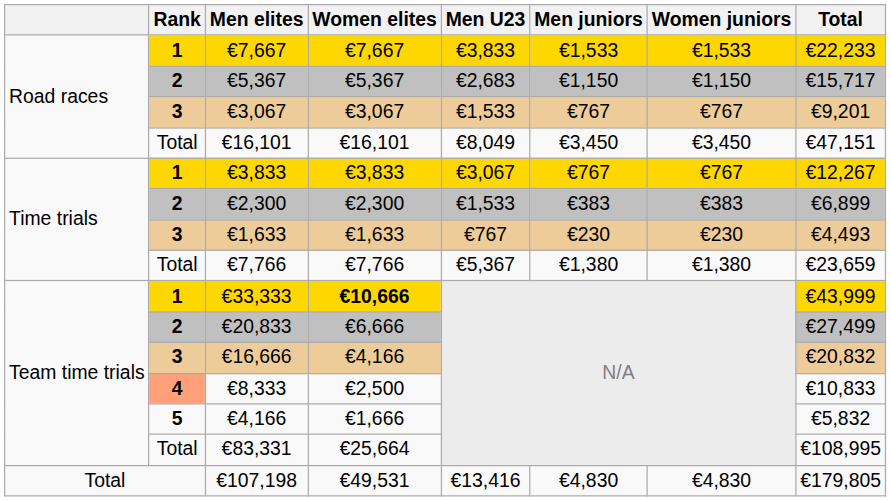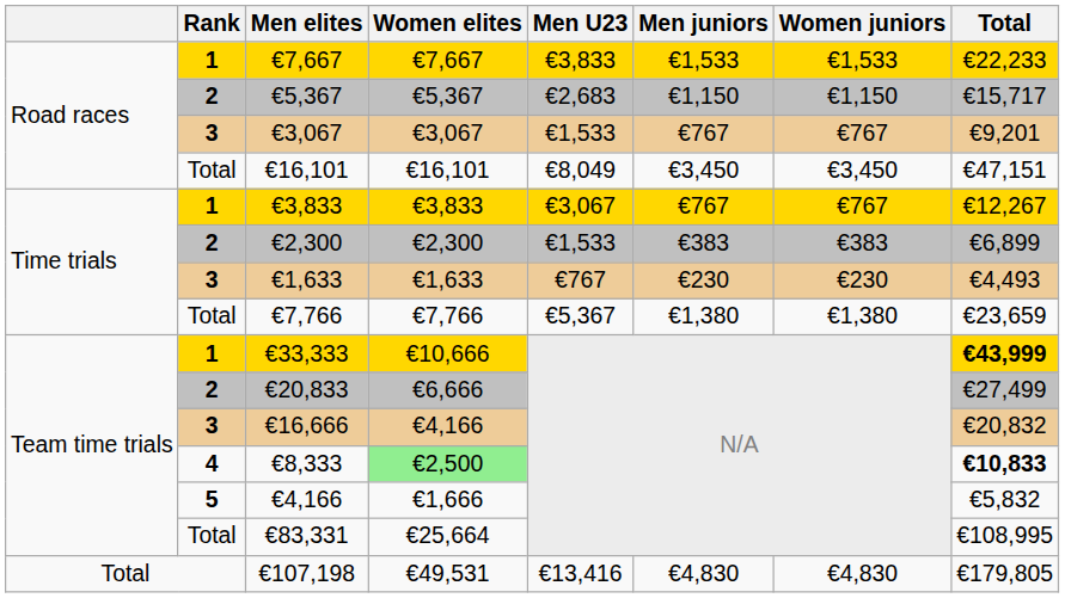 <table class="wikitable">
 <tr>
 <th></th>
 <th>Rank</th>
 <th>Men elites</th>
 <th>Women elites</th>
 <th>Men U23</th>
 <th>Men juniors</th>
 <th>Women juniors</th>
 <th>Total</th>
 </tr>
 <tr>
 <td rowspan=4>Road races</td>
 <td align="center" bgcolor="gold"><strong>1</strong></td>
 <td align="center" bgcolor="gold">€7,667</td>
 <td align="center" bgcolor="gold">€7,667</td>
 <td align="center" bgcolor="gold">€3,833</td>
 <td align="center" bgcolor="gold">€1,533</td>
 <td align="center" bgcolor="gold">€1,533</td>
 <td align="center" bgcolor="gold">€22,233</td>
 </tr>
 <tr>
 <td align="center" bgcolor="silver"><strong>2</strong></td>
 <td align="center" bgcolor="silver">€5,367</td>
 <td align="center" bgcolor="silver">€5,367</td>
 <td align="center" bgcolor="silver">€2,683</td>
 <td align="center" bgcolor="silver">€1,150</td>
 <td align="center" bgcolor="silver">€1,150</td>
 <td align="center" bgcolor="silver">€15,717</td>
 </tr>
 <tr>
 <td align="center" bgcolor="eecc99"><strong>3</strong></td>
 <td align="center" bgcolor="eecc99">€3,067</td>
 <td align="center" bgcolor="eecc99">€3,067</td>
 <td align="center" bgcolor="eecc99">€1,533</td>
 <td align="center" bgcolor="eecc99">€767</td>
 <td align="center" bgcolor="eecc99">€767</td>
 <td align="center" bgcolor="eecc99">€9,201</td>
 </tr>
 <tr>
 <td align="center">Total</td>
 <td align="center">€16,101</td>
 <td align="center">€16,101</td>
 <td align="center">€8,049</td>
 <td align="center">€3,450</td>
 <td align="center">€3,450</td>
 <td align="center">€47,151</td>
 </tr>
 <tr>
 <td rowspan=4>Time trials</td>
 <td align="center" bgcolor="gold"><strong>1</strong></td>
 <td align="center" bgcolor="gold">€3,833</td>
 <td align="center" bgcolor="gold">€3,833</td>
 <td align="center" bgcolor="gold">€3,067</td>
 <td align="center" bgcolor="gold">€767</td>
 <td align="center" bgcolor="gold">€767</td>
 <td align="center" bgcolor="gold">€12,267</td>
 </tr>
 <tr>
 <td align="center" bgcolor="silver"><strong>2</strong></td>
 <td align="center" bgcolor="silver">€2,300</td>
 <td align="center" bgcolor="silver">€2,300</td>
 <td align="center" bgcolor="silver">€1,533</td>
 <td align="center" bgcolor="silver">€383</td>
 <td align="center" bgcolor="silver">€383</td>
 <td align="center" bgcolor="silver">€6,899</td>
 </tr>
 <tr>
 <td align="center" bgcolor="eecc99"><strong>3</strong></td>
 <td align="center" bgcolor="eecc99">€1,633</td>
 <td align="center" bgcolor="eecc99">€1,633</td>
 <td align="center" bgcolor="eecc99">€767</td>
 <td align="center" bgcolor="eecc99">€230</td>
 <td align="center" bgcolor="eecc99">€230</td>
 <td align="center" bgcolor="eecc99">€4,493</td>
 </tr>
 <tr>
 <td align="center">Total</td>
 <td align="center">€7,766</td>
 <td align="center">€7,766</td>
 <td align="center">€5,367</td>
 <td align="center">€1,380</td>
 <td align="center">€1,380</td>
 <td align="center">€23,659</td>
 </tr>
 <tr>
 <td rowspan=6>Team time trials</td>
 <td align="center" bgcolor="gold"><strong>1</strong></td>
 <td align="center" bgcolor="gold">€33,333</td>
-<td align="center" bgcolor="gold"><strong>€10,666</strong></td>
+<td align="center" bgcolor="gold">€10,666</td>
 <td colspan=3 rowspan=6 style="background: #ececec; color: grey; vertical-align: middle; text-align: center; " class="table-na">N/A</td>
-<td align="center" bgcolor="gold">€43,999</td>
+<td align="center" bgcolor="gold"><strong>€43,999</strong></td>
 </tr>
 <tr>
 <td align="center" bgcolor="silver"><strong>2</strong></td>
 <td align="center" bgcolor="silver">€20,833</td>
 <td align="center" bgcolor="silver">€6,666</td>
 <td align="center" bgcolor="silver">€27,499</td>
 </tr>
 <tr>
 <td align="center" bgcolor="eecc99"><strong>3</strong></td>
 <td align="center" bgcolor="eecc99">€16,666</td>
 <td align="center" bgcolor="eecc99">€4,166</td>
 <td align="center" bgcolor="eecc99">€20,832</td>
 </tr>
 <tr>
-<td align="center" style="background: lightsalmon;"><strong>4</strong></td>
+<td align="center"><strong>4</strong></td>
 <td align="center">€8,333</td>
-<td align="center">€2,500</td>
-<td align="center">€10,833</td>
+<td align="center" style="background: lightgreen;">€2,500</td>
+<td align="center"><strong>€10,833</strong></td>
 </tr>
 <tr>
 <td align="center"><strong>5</strong></td>
 <td align="center">€4,166</td>
 <td align="center">€1,666</td>
 <td align="center">€5,832</td>
 </tr>
 <tr>
 <td align="center">Total</td>
 <td align="center">€83,331</td>
 <td align="center">€25,664</td>
 <td align="center">€108,995</td>
 </tr>
 <tr>
 <td align="center" colspan=2>Total</td>
 <td align="center">€107,198</td>
 <td align="center">€49,531</td>
 <td align="center">€13,416</td>
 <td align="center">€4,830</td>
 <td align="center">€4,830</td>
 <td align="center">€179,805</td>
 </tr>
 </table>
